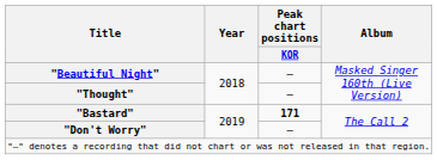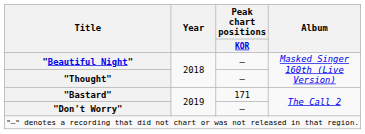 <table class="wikitable plainrowheaders" style="text-align:center;">
 <tr>
 <th scope="col" rowspan="2">Title</th>
 <th scope="col" rowspan="2">Year</th>
 <th scope="col">Peak chart<br>positions</th>
 <th scope="col" rowspan="2" style="width:10em;">Album</th>
 </tr>
 <tr>
 <th scope="col" style="font-size:90%; width:3em"><a href='#'>KOR</a><br></th>
 </tr>
 <tr>
 <th scope="row">"<a href='#'>Beautiful Night</a>" <br></th>
 <td rowspan="2">2018</td>
 <td>—</td>
 <td rowspan="2"><em><a href='#'>Masked Singer 160th (Live Version)</a></em></td>
 </tr>
 <tr>
 <th scope="row">"Thought" <br></th>
 <td>—</td>
 </tr>
 <tr>
 <th scope="row">"Bastard" <br></th>
 <td rowspan="2">2019</td>
-<td><strong>171</strong></td>
+<td>171</td>
 <td rowspan="2"><em><a href='#'>The Call 2</a></em></td>
 </tr>
 <tr>
 <th scope="row">"Don't Worry" <br></th>
 <td>—</td>
 </tr>
 <tr>
 <td colspan="4" style="font-size:85%">"—" denotes a recording that did not chart or was not released in that region.</td>
 </tr>
 </table>
